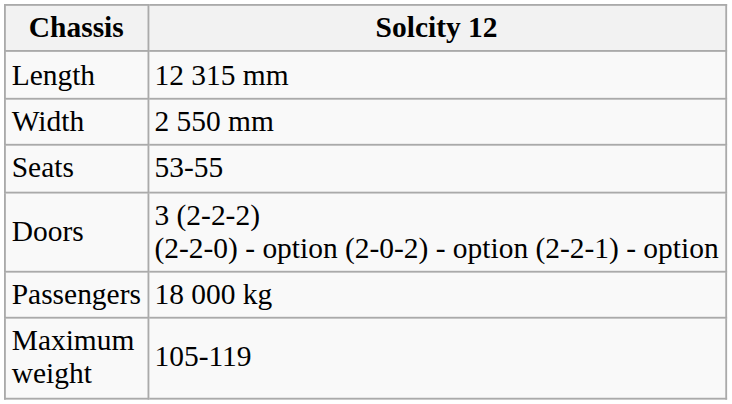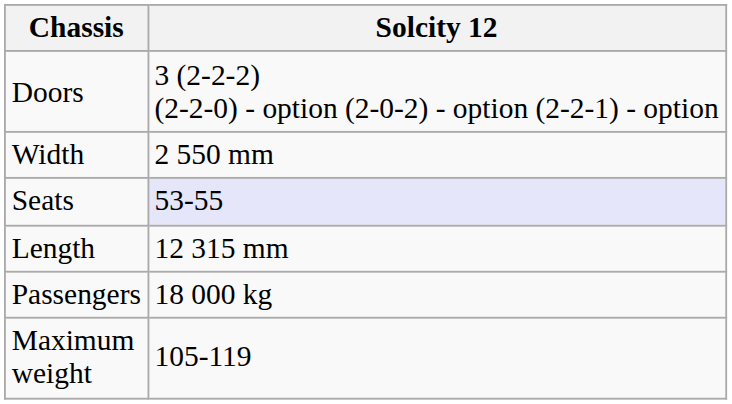 <table class="wikitable">
 <tr>
 <th>Chassis</th>
 <th>Solcity 12</th>
 </tr>
 <tr>
-<td>Length</td>
-<td>12 315 mm</td>
+<td>Doors</td>
+<td>3 (2-2-2)<br>(2-2-0) - option (2-0-2) - option (2-2-1) - option</td>
 </tr>
 <tr>
 <td>Width</td>
 <td>2 550 mm</td>
 </tr>
 <tr>
 <td>Seats</td>
-<td>53-55</td>
+<td style="background: lavender;">53-55</td>
 </tr>
 <tr>
-<td>Doors</td>
-<td>3 (2-2-2)<br>(2-2-0) - option (2-0-2) - option (2-2-1) - option</td>
+<td>Length</td>
+<td>12 315 mm</td>
 </tr>
 <tr>
 <td>Passengers</td>
 <td>18 000 kg</td>
 </tr>
 <tr>
 <td>Maximum<br>weight</td>
 <td>105-119</td>
 </tr>
 </table>
